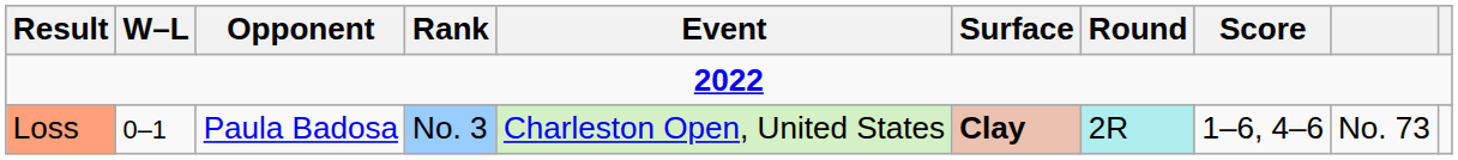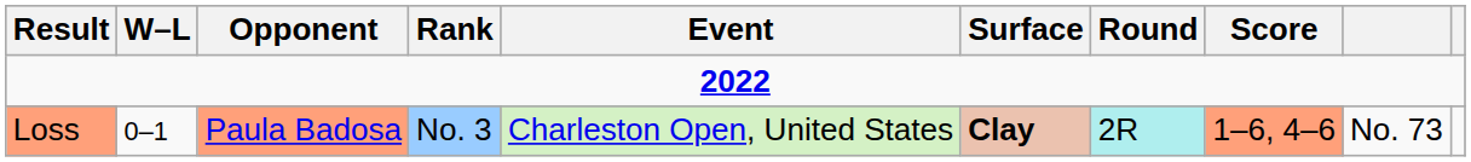 <table class="wikitable sortable">
 <tr>
 <th>Result</th>
 <th class=unsortable>W–L</th>
 <th>Opponent</th>
 <th>Rank</th>
 <th>Event</th>
 <th>Surface</th>
 <th>Round</th>
 <th class=unsortable>Score</th>
 <th></th>
 <th></th>
 </tr>
 <tr>
 <td colspan="10" style="text-align:center"><strong><a href='#'>2022</a></strong></td>
 </tr>
 <tr>
 <td bgcolor="ffa07a">Loss</td>
 <td><small>0–1</small></td>
-<td> <a href='#'>Paula Badosa</a></td>
+<td style="background: lightsalmon;"> <a href='#'>Paula Badosa</a></td>
 <td bgcolor="#9cf">No. 3</td>
 <td bgcolor="d4f1c5"><a href='#'>Charleston Open</a>, United States</td>
 <td bgcolor="#ebc2af"><strong>Clay</strong></td>
 <td bgcolor="afeeee">2R</td>
-<td>1–6, 4–6</td>
+<td style="background: lightsalmon;">1–6, 4–6</td>
 <td>No. 73</td>
 <td></td>
 </tr>
 </table>
